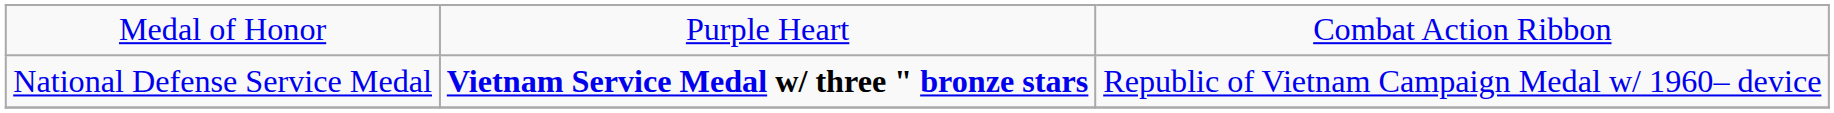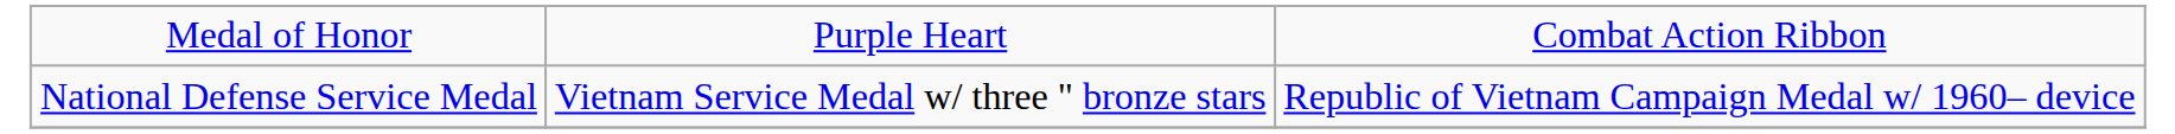 <table class="wikitable" style="margin:1em auto; text-align:center;">
 <tr>
 <td><a href='#'>Medal of Honor</a></td>
 <td><a href='#'>Purple Heart</a></td>
 <td><a href='#'>Combat Action Ribbon</a></td>
 </tr>
 <tr>
 <td><a href='#'>National Defense Service Medal</a></td>
-<td><strong><a href='#'>Vietnam Service Medal</a> w/ three " <a href='#'>bronze stars</a></strong></td>
+<td><a href='#'>Vietnam Service Medal</a> w/ three " <a href='#'>bronze stars</a></td>
 <td><a href='#'>Republic of Vietnam Campaign Medal w/ 1960– device</a></td>
 </tr>
 <tr>
 </tr>
 </table>
